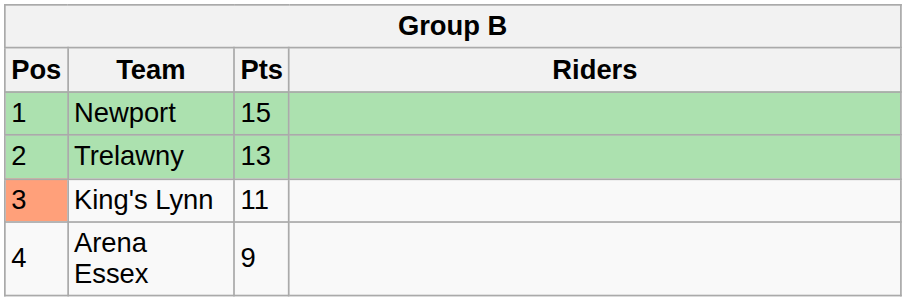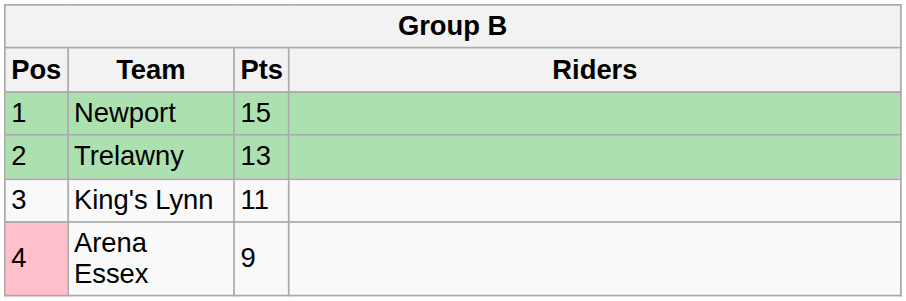 <table class="wikitable">
 <tr>
 <th colspan="4">Group B</th>
 </tr>
 <tr>
 <th width=20>Pos</th>
 <th width=90>Team</th>
 <th width=20>Pts</th>
 <th width=350>Riders</th>
 </tr>
 <tr style="background:#ACE1AF;">
 <td>1</td>
 <td align=left>Newport</td>
 <td>15</td>
 <td></td>
 </tr>
 <tr style="background:#ACE1AF;">
 <td>2</td>
 <td align=left>Trelawny</td>
 <td>13</td>
 <td></td>
 </tr>
 <tr>
-<td style="background: lightsalmon;">3</td>
+<td>3</td>
 <td align=left>King's Lynn</td>
 <td>11</td>
 <td></td>
 </tr>
 <tr>
-<td>4</td>
+<td style="background: pink;">4</td>
 <td align=left>Arena Essex</td>
 <td>9</td>
 <td></td>
 </tr>
 </table>
